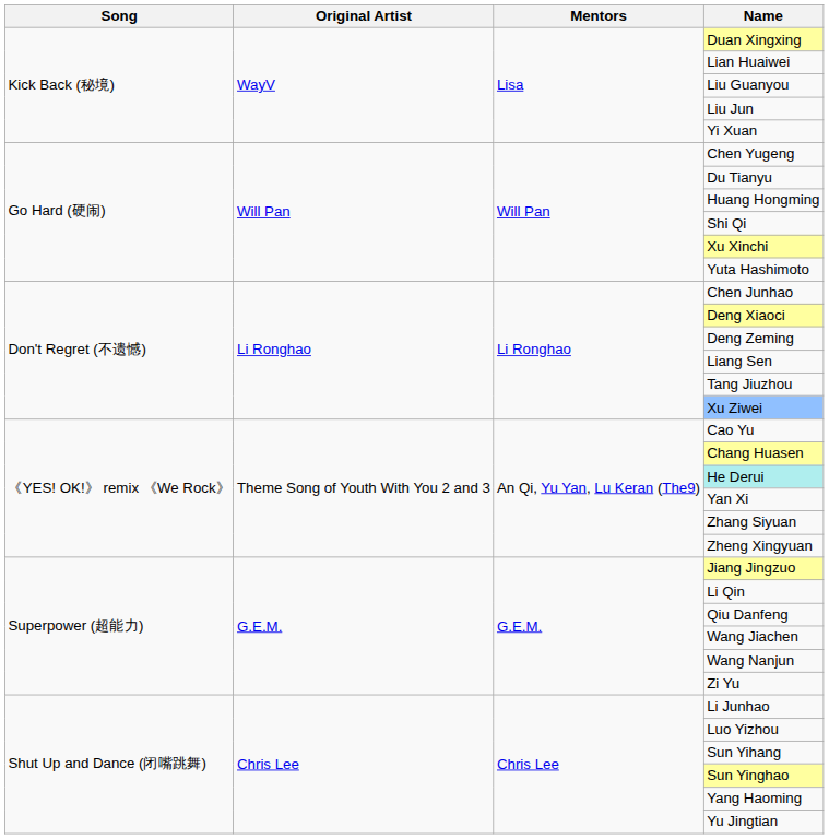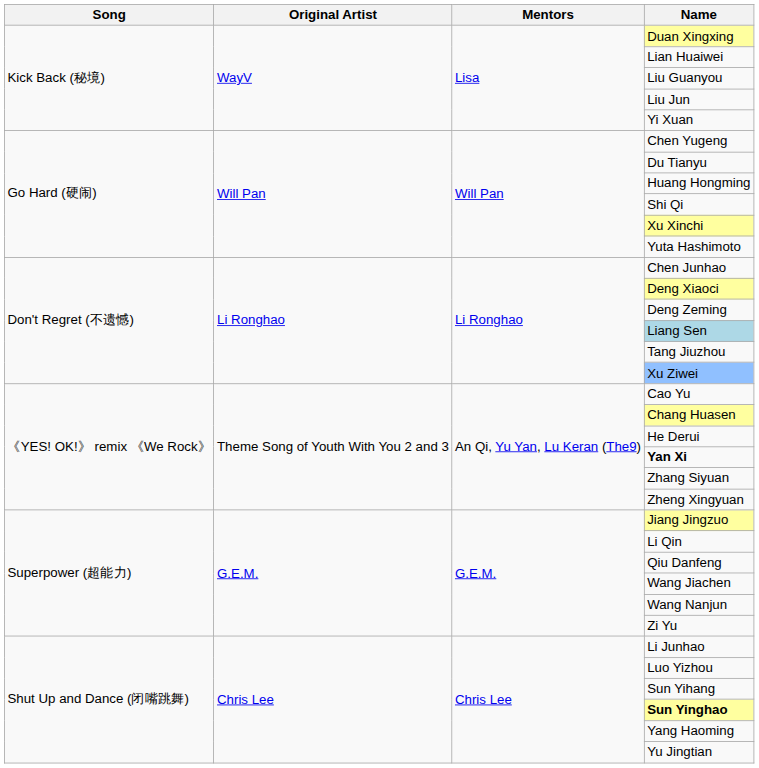 <table class="wikitable sortable">
 <tr>
 <th>Song</th>
 <th>Original Artist</th>
 <th>Mentors</th>
 <th>Name</th>
 </tr>
 <tr>
 <td rowspan="5">Kick Back (秘境)</td>
 <td rowspan="5"><a href='#'>WayV</a></td>
 <td rowspan="5"><a href='#'>Lisa</a></td>
 <td style="background:#FFFF9F">Duan Xingxing</td>
 </tr>
 <tr>
 <td>Lian Huaiwei</td>
 </tr>
 <tr>
 <td>Liu Guanyou</td>
 </tr>
 <tr>
 <td>Liu Jun</td>
 </tr>
 <tr>
 <td>Yi Xuan</td>
 </tr>
 <tr>
 <td rowspan="6">Go Hard (硬闹)</td>
 <td rowspan="6"><a href='#'>Will Pan</a></td>
 <td rowspan="6"><a href='#'>Will Pan</a></td>
 <td>Chen Yugeng</td>
 </tr>
 <tr>
 <td>Du Tianyu</td>
 </tr>
 <tr>
 <td>Huang Hongming</td>
 </tr>
 <tr>
 <td>Shi Qi</td>
 </tr>
 <tr>
 <td style="background:#FFFF9F">Xu Xinchi</td>
 </tr>
 <tr>
 <td>Yuta Hashimoto</td>
 </tr>
 <tr>
 <td rowspan="6">Don't Regret (不遗憾)</td>
 <td rowspan="6"><a href='#'>Li Ronghao</a></td>
 <td rowspan="6"><a href='#'>Li Ronghao</a></td>
 <td>Chen Junhao</td>
 </tr>
 <tr>
 <td style="background:#FFFF9F">Deng Xiaoci</td>
 </tr>
 <tr>
 <td>Deng Zeming</td>
 </tr>
 <tr>
-<td>Liang Sen</td>
+<td style="background: lightblue;">Liang Sen</td>
 </tr>
 <tr>
 <td>Tang Jiuzhou</td>
 </tr>
 <tr>
 <td style="background:#90C0FF">Xu Ziwei</td>
 </tr>
 <tr>
 <td rowspan="6">《YES! OK!》 remix 《We Rock》</td>
 <td rowspan="6">Theme Song of Youth With You 2 and 3</td>
 <td rowspan="6">An Qi, <a href='#'>Yu Yan</a>, <a href='#'>Lu Keran</a> (<a href='#'>The9</a>)</td>
 <td>Cao Yu</td>
 </tr>
 <tr>
 <td style="background:#FFFF9F">Chang Huasen</td>
 </tr>
 <tr>
-<td style="background: paleturquoise;">He Derui</td>
+<td>He Derui</td>
 </tr>
 <tr>
-<td>Yan Xi</td>
+<td><strong>Yan Xi</strong></td>
 </tr>
 <tr>
 <td>Zhang Siyuan</td>
 </tr>
 <tr>
 <td>Zheng Xingyuan</td>
 </tr>
 <tr>
 <td rowspan="6">Superpower (超能力)</td>
 <td rowspan="6"><a href='#'>G.E.M.</a></td>
 <td rowspan="6"><a href='#'>G.E.M.</a></td>
 <td style="background:#FFFF9F">Jiang Jingzuo</td>
 </tr>
 <tr>
 <td>Li Qin</td>
 </tr>
 <tr>
 <td>Qiu Danfeng</td>
 </tr>
 <tr>
 <td>Wang Jiachen</td>
 </tr>
 <tr>
 <td>Wang Nanjun</td>
 </tr>
 <tr>
 <td>Zi Yu</td>
 </tr>
 <tr>
 <td rowspan="6">Shut Up and Dance (闭嘴跳舞)</td>
 <td rowspan="6"><a href='#'>Chris Lee</a></td>
 <td rowspan="6"><a href='#'>Chris Lee</a></td>
 <td>Li Junhao</td>
 </tr>
 <tr>
 <td>Luo Yizhou</td>
 </tr>
 <tr>
 <td>Sun Yihang</td>
 </tr>
 <tr>
-<td style="background:#FFFF9F">Sun Yinghao</td>
+<td style="background:#FFFF9F"><strong>Sun Yinghao</strong></td>
 </tr>
 <tr>
 <td>Yang Haoming</td>
 </tr>
 <tr>
 <td>Yu Jingtian</td>
 </tr>
 </table>
